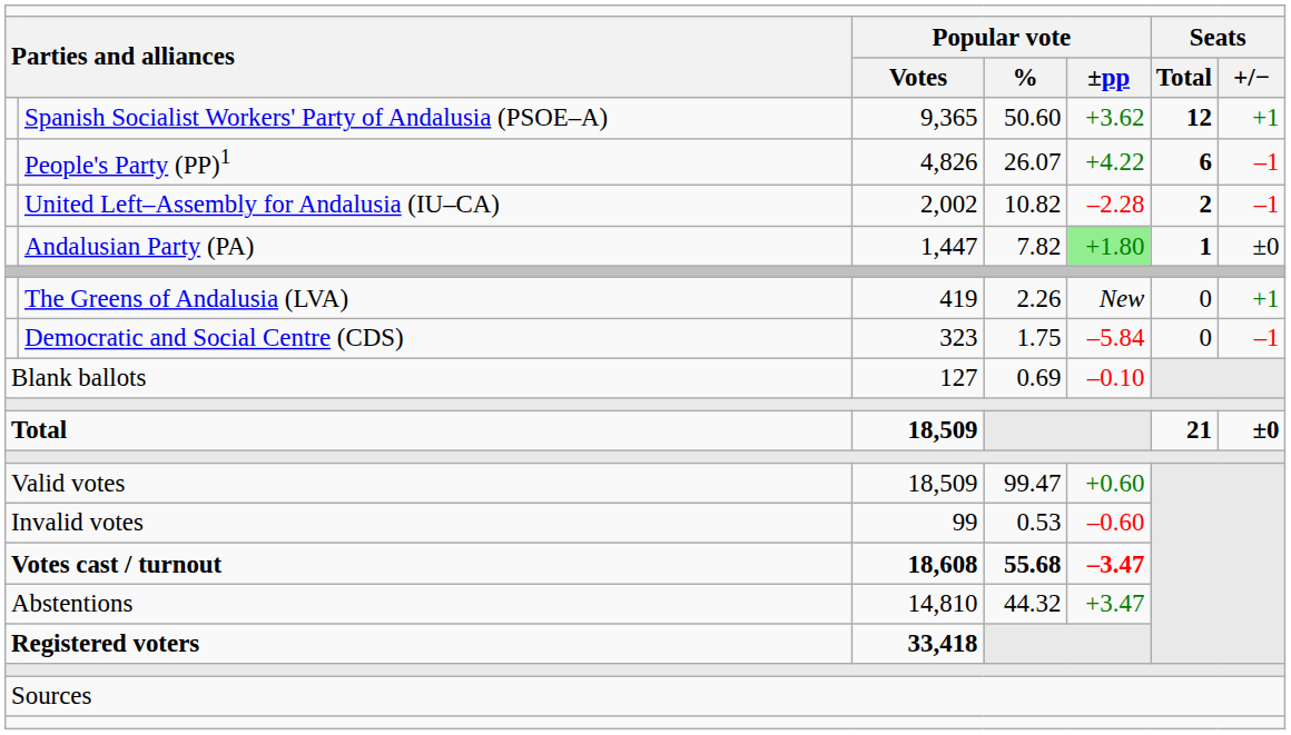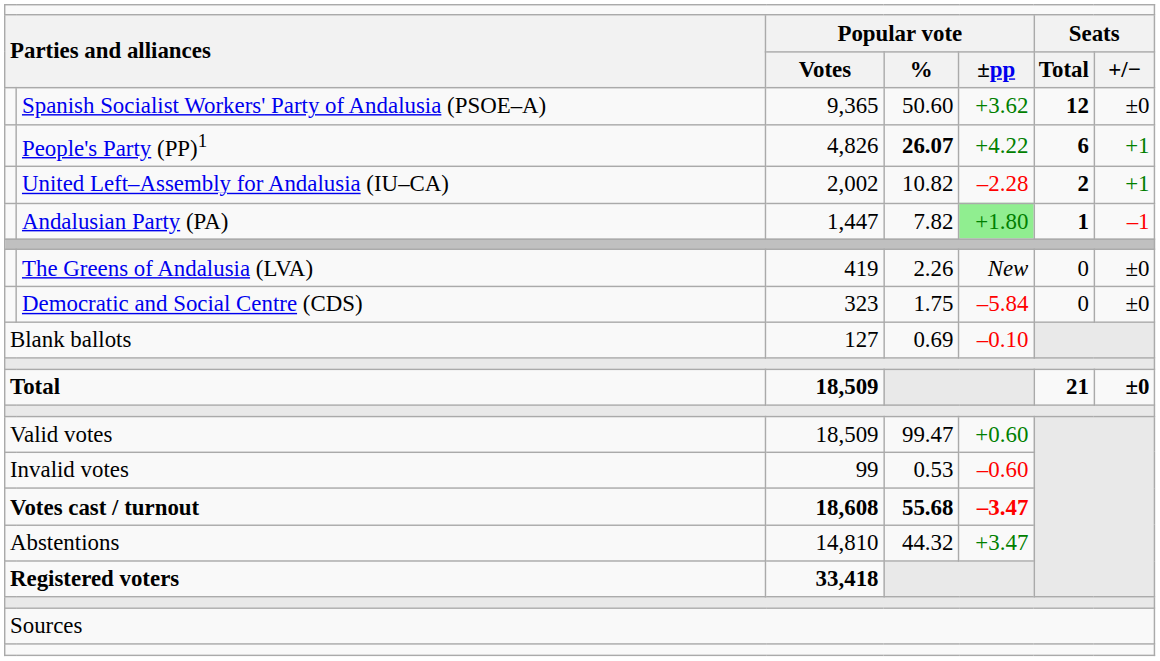 <table class="wikitable" style="text-align:right;">
 <tr>
 <td colspan="7"></td>
 </tr>
 <tr>
 <th style="text-align:left;" rowspan="2" colspan="2" width="525">Parties and alliances</th>
 <th colspan="3">Popular vote</th>
 <th colspan="2">Seats</th>
 </tr>
 <tr>
 <th width="75">Votes</th>
 <th width="45">%</th>
 <th width="45">±<a href='#'>pp</a></th>
 <th width="35">Total</th>
 <th width="35">+/−</th>
 </tr>
 <tr>
 <td width="1" style="color:inherit;background:"></td>
 <td align="left"><a href='#'>Spanish Socialist Workers' Party of Andalusia</a> (PSOE–A)</td>
 <td>9,365</td>
 <td>50.60</td>
 <td style="color:green;">+3.62</td>
 <td><strong>12</strong></td>
-<td style="color:green;">+1</td>
+<td>±0</td>
 </tr>
 <tr>
 <td style="color:inherit;background:"></td>
 <td align="left"><a href='#'>People's Party</a> (PP)<sup>1</sup></td>
 <td>4,826</td>
-<td>26.07</td>
+<td><strong>26.07</strong></td>
 <td style="color:green;">+4.22</td>
 <td><strong>6</strong></td>
-<td style="color:red;">–1</td>
+<td style="color:green;">+1</td>
 </tr>
 <tr>
 <td style="color:inherit;background:"></td>
 <td align="left"><a href='#'>United Left–Assembly for Andalusia</a> (IU–CA)</td>
 <td>2,002</td>
 <td>10.82</td>
 <td style="color:red;">–2.28</td>
 <td><strong>2</strong></td>
-<td style="color:red;">–1</td>
+<td style="color:green;">+1</td>
 </tr>
 <tr>
 <td style="color:inherit;background:"></td>
 <td align="left"><a href='#'>Andalusian Party</a> (PA)</td>
 <td>1,447</td>
 <td>7.82</td>
 <td style="background: lightgreen; color:green;">+1.80</td>
 <td><strong>1</strong></td>
-<td>±0</td>
+<td style="color:red;">–1</td>
 </tr>
 <tr>
 <td colspan="7" bgcolor="#C0C0C0"></td>
 </tr>
 <tr>
 <td style="color:inherit;background:"></td>
 <td align="left"><a href='#'>The Greens of Andalusia</a> (LVA)</td>
 <td>419</td>
 <td>2.26</td>
 <td><em>New</em></td>
 <td>0</td>
-<td style="color:green;">+1</td>
+<td>±0</td>
 </tr>
 <tr>
 <td style="color:inherit;background:"></td>
 <td align="left"><a href='#'>Democratic and Social Centre</a> (CDS)</td>
 <td>323</td>
 <td>1.75</td>
 <td style="color:red;">–5.84</td>
 <td>0</td>
-<td style="color:red;">–1</td>
+<td>±0</td>
 </tr>
 <tr>
 <td align="left" colspan="2">Blank ballots</td>
 <td>127</td>
 <td>0.69</td>
 <td style="color:red;">–0.10</td>
 <td bgcolor="#E9E9E9" colspan="2"></td>
 </tr>
 <tr>
 <td colspan="7" bgcolor="#E9E9E9"></td>
 </tr>
 <tr style="font-weight:bold;">
 <td align="left" colspan="2">Total</td>
 <td>18,509</td>
 <td bgcolor="#E9E9E9" colspan="2"></td>
 <td>21</td>
 <td>±0</td>
 </tr>
 <tr>
 <td colspan="7" bgcolor="#E9E9E9"></td>
 </tr>
 <tr>
 <td align="left" colspan="2">Valid votes</td>
 <td>18,509</td>
 <td>99.47</td>
 <td style="color:green;">+0.60</td>
 <td bgcolor="#E9E9E9" colspan="2" rowspan="5"></td>
 </tr>
 <tr>
 <td align="left" colspan="2">Invalid votes</td>
 <td>99</td>
 <td>0.53</td>
 <td style="color:red;">–0.60</td>
 </tr>
 <tr style="font-weight:bold;">
 <td align="left" colspan="2">Votes cast / turnout</td>
 <td>18,608</td>
 <td>55.68</td>
 <td style="color:red;">–3.47</td>
 </tr>
 <tr>
 <td align="left" colspan="2">Abstentions</td>
 <td>14,810</td>
 <td>44.32</td>
 <td style="color:green;">+3.47</td>
 </tr>
 <tr style="font-weight:bold;">
 <td align="left" colspan="2">Registered voters</td>
 <td>33,418</td>
 <td bgcolor="#E9E9E9" colspan="2"></td>
 </tr>
 <tr>
 <td colspan="7" bgcolor="#E9E9E9"></td>
 </tr>
 <tr>
 <td align="left" colspan="7">Sources</td>
 </tr>
 <tr>
 <td colspan="7" style="text-align:left; max-width:790px;"></td>
 </tr>
 </table>
